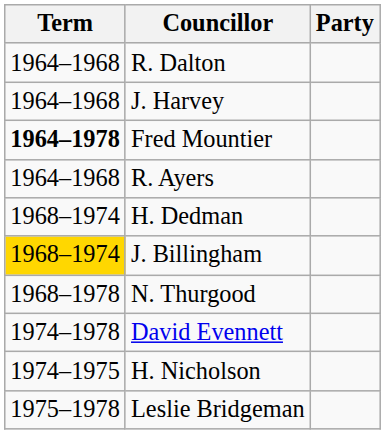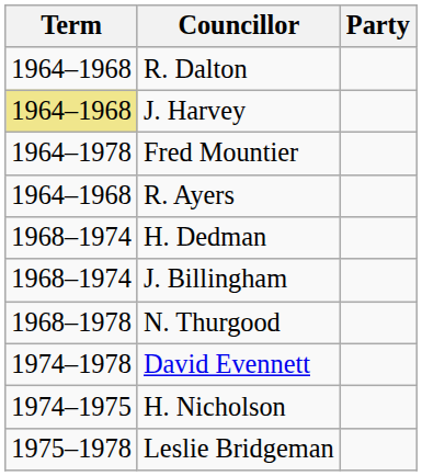 <table class="wikitable">
 <tr>
 <th>Term</th>
 <th>Councillor</th>
 <th colspan=2>Party</th>
 </tr>
 <tr>
 <td>1964–1968</td>
 <td>R. Dalton</td>
 <td></td>
 </tr>
 <tr>
-<td>1964–1968</td>
+<td style="background: khaki;">1964–1968</td>
 <td>J. Harvey</td>
 <td></td>
 </tr>
 <tr>
-<td><strong>1964–1978</strong></td>
+<td>1964–1978</td>
 <td>Fred Mountier</td>
 <td></td>
 </tr>
 <tr>
 <td>1964–1968</td>
 <td>R. Ayers</td>
 <td></td>
 </tr>
 <tr>
 <td>1968–1974</td>
 <td>H. Dedman</td>
 <td></td>
 </tr>
 <tr>
-<td style="background: gold;">1968–1974</td>
+<td>1968–1974</td>
 <td>J. Billingham</td>
 <td></td>
 </tr>
 <tr>
 <td>1968–1978</td>
 <td>N. Thurgood</td>
 <td></td>
 </tr>
 <tr>
 <td>1974–1978</td>
 <td><a href='#'>David Evennett</a></td>
 <td></td>
 </tr>
 <tr>
 <td>1974–1975</td>
 <td>H. Nicholson</td>
 <td></td>
 </tr>
 <tr>
 <td>1975–1978</td>
 <td>Leslie Bridgeman</td>
 <td></td>
 </tr>
 </table>
